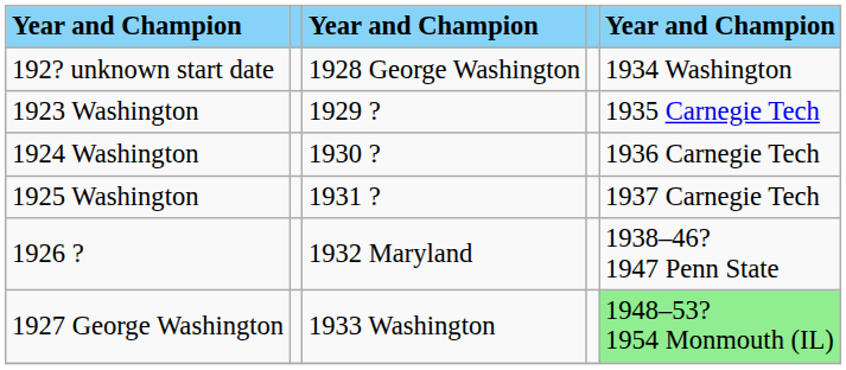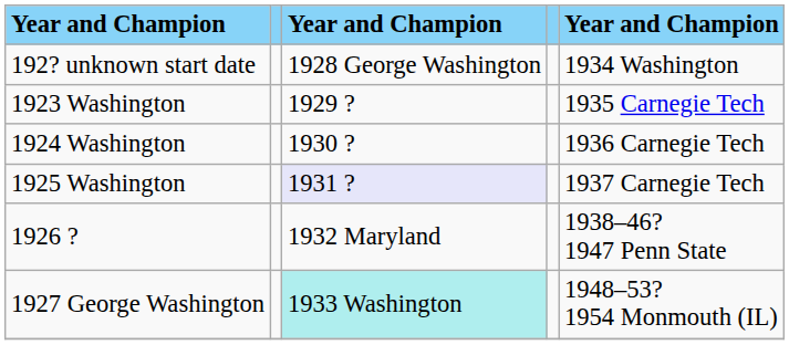 <table class="wikitable">
 <tr ! style="background-color: #87D3F8;">
 <td><strong>Year and Champion</strong></td>
 <td></td>
 <td><strong>Year and Champion</strong></td>
 <td></td>
 <td><strong>Year and Champion</strong></td>
 </tr>
 <tr --->
 <td>192? unknown start date</td>
 <td></td>
 <td>1928 George Washington</td>
 <td></td>
 <td>1934 Washington</td>
 </tr>
 <tr --->
 <td>1923 Washington</td>
 <td></td>
 <td>1929 ?</td>
 <td></td>
 <td>1935 <a href='#'>Carnegie Tech</a></td>
 </tr>
 <tr --->
 <td>1924 Washington</td>
 <td></td>
 <td>1930 ?</td>
 <td></td>
 <td>1936 Carnegie Tech</td>
 </tr>
 <tr --->
 <td>1925 Washington</td>
 <td></td>
-<td>1931 ?</td>
+<td style="background: lavender;">1931 ?</td>
 <td></td>
 <td>1937 Carnegie Tech</td>
 </tr>
 <tr --->
 <td>1926 ?</td>
 <td></td>
 <td>1932 Maryland</td>
 <td></td>
 <td>1938–46?<br>1947 Penn State</td>
 </tr>
 <tr --->
 <td>1927 George Washington</td>
 <td></td>
-<td>1933 Washington</td>
+<td style="background: paleturquoise;">1933 Washington</td>
 <td></td>
-<td style="background: lightgreen;">1948–53?<br>1954 Monmouth (IL)</td>
+<td>1948–53?<br>1954 Monmouth (IL)</td>
 </tr>
 <tr --->
 </tr>
 </table>
